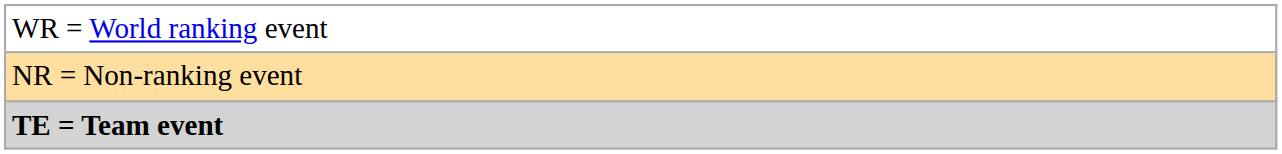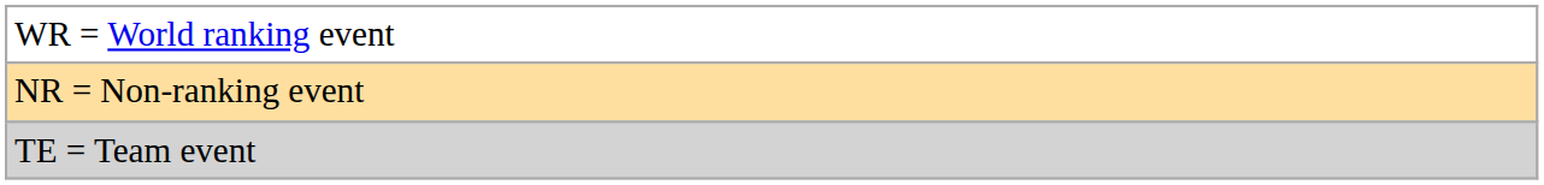 <table class="wikitable" style="font-size:85%;" width=30%>
 <tr bgcolor="#ffffff">
 <td>WR = <a href='#'>World ranking</a> event</td>
 </tr>
 <tr style="background:#ffdf9f;">
 <td>NR = Non-ranking event</td>
 </tr>
 <tr style="background:lightgray;">
-<td><strong>TE = Team event</strong></td>
+<td>TE = Team event</td>
 </tr>
 </table>
